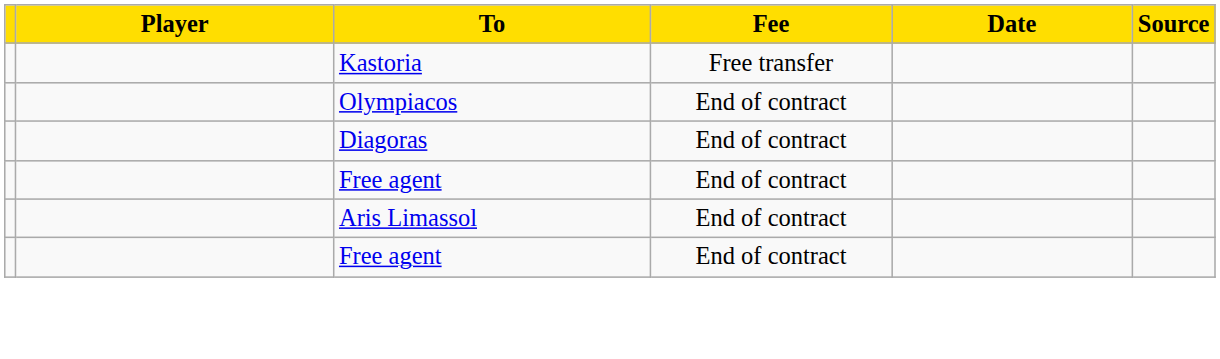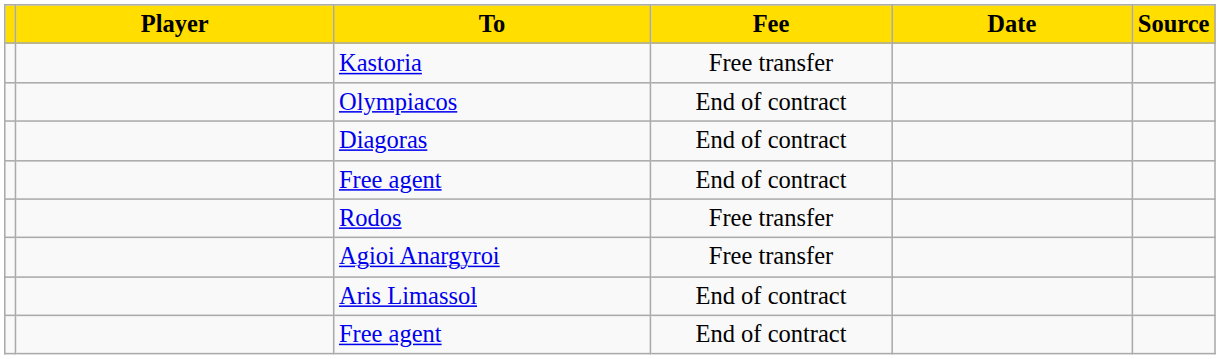 <table class="wikitable sortable">
 <tr>
 <th style="background:#FFDE00"></th>
 <th width=200 style="background:#FFDE00">Player</th>
 <th width=200 style="background:#FFDE00">To</th>
 <th width=150 style="background:#FFDE00">Fee</th>
 <th width=150 style="background:#FFDE00">Date</th>
 <th style="background:#FFDE00">Source</th>
 </tr>
 <tr>
 <td align=center></td>
 <td></td>
 <td> <a href='#'>Kastoria</a></td>
 <td align=center>Free transfer</td>
 <td align=center></td>
 <td align=center></td>
 </tr>
 <tr>
 <td align=center></td>
 <td></td>
 <td> <a href='#'>Olympiacos</a></td>
 <td align=center>End of contract</td>
 <td align=center></td>
 <td align=center></td>
 </tr>
 <tr>
 <td align=center></td>
 <td></td>
 <td> <a href='#'>Diagoras</a></td>
 <td align=center>End of contract</td>
 <td align=center></td>
 <td align=center></td>
 </tr>
 <tr>
 <td align=center></td>
 <td></td>
 <td><a href='#'>Free agent</a></td>
 <td align=center>End of contract</td>
 <td align=center></td>
 <td align=center></td>
 </tr>
 <tr>
 <td align=center></td>
 <td></td>
+<td> <a href='#'>Rodos</a></td>
+<td align=center>Free transfer</td>
+<td align=center></td>
+<td align=center></td>
+</tr>
+<tr>
+<td align=center></td>
+<td></td>
+<td> <a href='#'>Agioi Anargyroi</a></td>
+<td align=center>Free transfer</td>
+<td align=center></td>
+<td align=center></td>
+</tr>
+<tr>
+<td align=center></td>
+<td></td>
 <td> <a href='#'>Aris Limassol</a></td>
 <td align=center>End of contract</td>
 <td align=center></td>
 <td align=center></td>
 </tr>
 <tr>
 <td align=center></td>
 <td></td>
 <td><a href='#'>Free agent</a></td>
 <td align=center>End of contract</td>
 <td align=center></td>
 <td align=center></td>
 </tr>
 </table>
